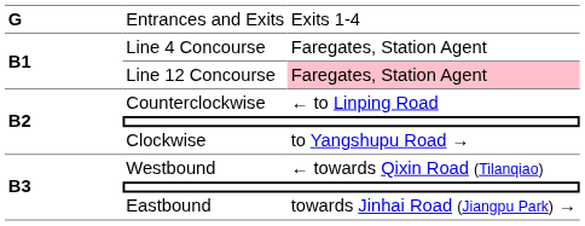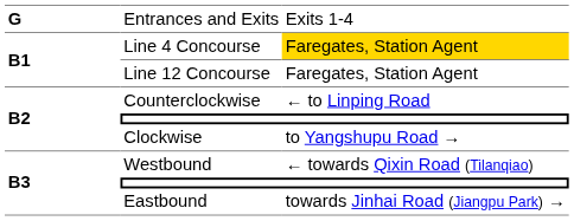 <table cellspacing=0 cellpadding=3>
 <tr>
 <td style="border-top:solid 1px gray;border-bottom:solid 1px gray;" width=100><strong>G</strong></td>
 <td style="border-top:solid 1px gray;border-bottom:solid 1px gray;">Entrances and Exits</td>
 <td style="border-top:solid 1px gray;border-bottom:solid 1px gray;">Exits 1-4</td>
 </tr>
 <tr>
 <td style="border-bottom:solid 1px gray;" rowspan=2><strong>B1</strong></td>
 <td style="border-bottom:solid 1px gray;">Line 4 Concourse</td>
-<td style="border-bottom:solid 1px gray;">Faregates, Station Agent</td>
+<td style="background: gold; border-bottom:solid 1px gray;">Faregates, Station Agent</td>
 </tr>
 <tr>
 <td style="border-bottom:solid 1px gray;">Line 12 Concourse</td>
-<td style="background: pink; border-bottom:solid 1px gray;">Faregates, Station Agent</td>
+<td style="border-bottom:solid 1px gray;">Faregates, Station Agent</td>
 </tr>
 <tr>
 <td style="border-bottom:solid 1px gray;" rowspan=3><strong>B2</strong></td>
 <td>Counterclockwise</td>
 <td>←  to <a href='#'>Linping Road</a></td>
 </tr>
 <tr>
 <td style="border-top:solid 2px black;border-right:solid 2px black;border-left:solid 2px black;border-bottom:solid 2px black;" colspan=2></td>
 </tr>
 <tr>
 <td style="border-bottom:solid 1px gray;">Clockwise</td>
 <td style="border-bottom:solid 1px gray;">  to <a href='#'>Yangshupu Road</a> →</td>
 </tr>
 <tr>
 <td style="border-bottom:solid 1px gray;" rowspan=3><strong>B3</strong></td>
 <td>Westbound</td>
 <td>←  towards <a href='#'>Qixin Road</a> <small>(<a href='#'>Tilanqiao</a>)</small></td>
 </tr>
 <tr>
 <td style="border-top:solid 2px black;border-right:solid 2px black;border-left:solid 2px black;border-bottom:solid 2px black;" colspan=2></td>
 </tr>
 <tr>
 <td style="border-bottom:solid 1px gray;">Eastbound</td>
 <td style="border-bottom:solid 1px gray;">  towards <a href='#'>Jinhai Road</a> <small>(<a href='#'>Jiangpu Park</a>)</small> →</td>
 </tr>
 </table>
